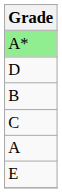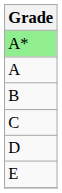 <table class="wikitable">
 <tr>
 <th>Grade</th>
 </tr>
 <tr>
 <td style="background: lightgreen;">A*</td>
 </tr>
 <tr>
-<td>D</td>
+<td>A</td>
 </tr>
 <tr>
 <td>B</td>
 </tr>
 <tr>
 <td>C</td>
 </tr>
 <tr>
-<td>A</td>
+<td>D</td>
 </tr>
 <tr>
 <td>E</td>
 </tr>
 <tr>
 </tr>
 </table>
